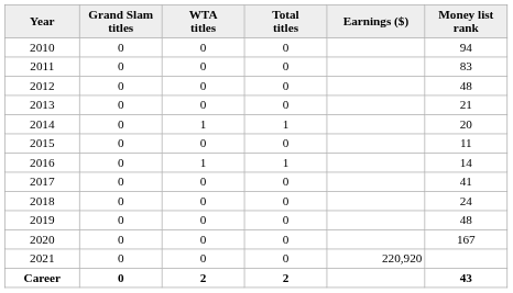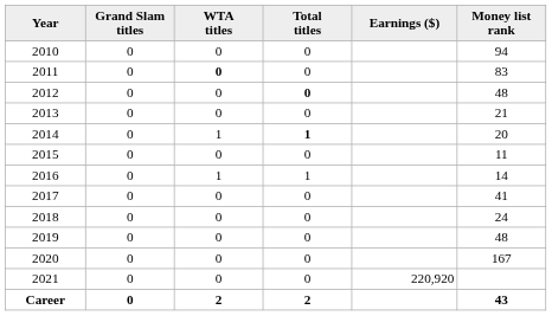 <table cellpadding=3 cellspacing=0 border=1 style=border:#aaa;solid:1px;border-collapse:collapse;text-align:center;>
 <tr style=background:#eee;font-weight:bold>
 <td width="90">Year</td>
 <td width="100">Grand Slam <br>titles</td>
 <td width="100">WTA <br>titles</td>
 <td width="100">Total <br>titles</td>
 <td width="120">Earnings ($)</td>
 <td width="100">Money list rank</td>
 </tr>
 <tr>
 <td>2010</td>
 <td>0</td>
 <td>0</td>
 <td>0</td>
 <td align="right"></td>
 <td>94</td>
 </tr>
 <tr>
 <td>2011</td>
 <td>0</td>
-<td>0</td>
+<td><strong>0</strong></td>
 <td>0</td>
 <td align="right"></td>
 <td>83</td>
 </tr>
 <tr>
 <td>2012</td>
 <td>0</td>
 <td>0</td>
-<td>0</td>
+<td><strong>0</strong></td>
 <td align="right"></td>
 <td>48</td>
 </tr>
 <tr>
 <td>2013</td>
 <td>0</td>
 <td>0</td>
 <td>0</td>
 <td align="right"></td>
 <td>21</td>
 </tr>
 <tr>
 <td>2014</td>
 <td>0</td>
 <td>1</td>
-<td>1</td>
+<td><strong>1</strong></td>
 <td align="right"></td>
 <td>20</td>
 </tr>
 <tr>
 <td>2015</td>
 <td>0</td>
 <td>0</td>
 <td>0</td>
 <td align="right"></td>
 <td>11</td>
 </tr>
 <tr>
 <td>2016</td>
 <td>0</td>
 <td>1</td>
 <td>1</td>
 <td align="right"></td>
 <td>14</td>
 </tr>
 <tr>
 <td>2017</td>
 <td>0</td>
 <td>0</td>
 <td>0</td>
 <td align="right"></td>
 <td>41</td>
 </tr>
 <tr>
 <td>2018</td>
 <td>0</td>
 <td>0</td>
 <td>0</td>
 <td align="right"></td>
 <td>24</td>
 </tr>
 <tr>
 <td>2019</td>
 <td>0</td>
 <td>0</td>
 <td>0</td>
 <td align="right"></td>
 <td>48</td>
 </tr>
 <tr>
 <td>2020</td>
 <td>0</td>
 <td>0</td>
 <td>0</td>
 <td align="right"></td>
 <td>167</td>
 </tr>
 <tr>
 <td>2021</td>
 <td>0</td>
 <td>0</td>
 <td>0</td>
 <td align="right">220,920</td>
 <td></td>
 </tr>
 <tr style=font-weight:bold>
 <th>Career</th>
 <th>0</th>
 <th>2</th>
 <th>2</th>
 <td align="right"></td>
 <th>43</th>
 </tr>
 </table>
